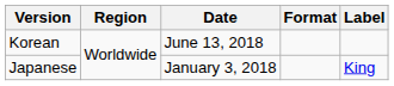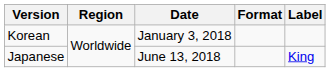 <table class = "wikitable plainrowheaders">
 <tr>
 <th>Version</th>
 <th>Region</th>
 <th>Date</th>
 <th>Format</th>
 <th>Label</th>
 </tr>
 <tr>
 <td>Korean</td>
 <td rowspan="2">Worldwide</td>
-<td>June 13, 2018</td>
+<td>January 3, 2018</td>
 <td></td>
 <td></td>
 </tr>
 <tr>
 <td>Japanese</td>
-<td>January 3, 2018</td>
+<td>June 13, 2018</td>
 <td></td>
 <td><a href='#'>King</a></td>
 </tr>
 </table>
